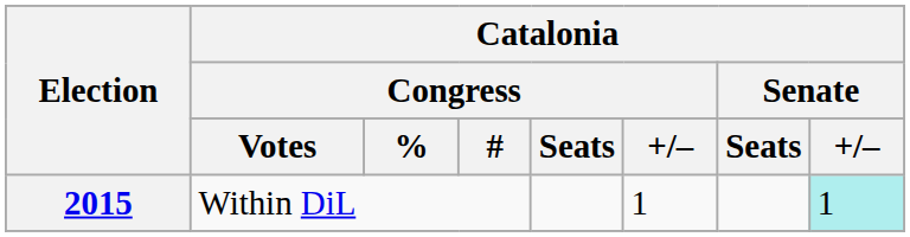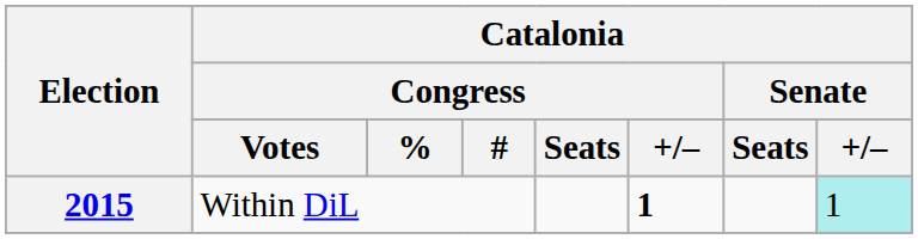 <table class="wikitable" style="font-size:95%; text-align:left;">
 <tr>
 <th rowspan="3" width="75">Election</th>
 <th colspan="7">Catalonia</th>
 </tr>
 <tr>
 <th colspan="5">Congress</th>
 <th colspan="2">Senate</th>
 </tr>
 <tr>
 <th width="70">Votes</th>
 <th width="35">%</th>
 <th width="25">#</th>
 <th>Seats</th>
 <th width="35">+/–</th>
 <th>Seats</th>
 <th width="35">+/–</th>
 </tr>
 <tr>
 <th><a href='#'>2015</a></th>
 <td colspan="3">Within <a href='#'>DiL</a></td>
 <td></td>
-<td>1</td>
+<td><strong>1</strong></td>
 <td></td>
 <td style="background: paleturquoise;">1</td>
 </tr>
 </table>
